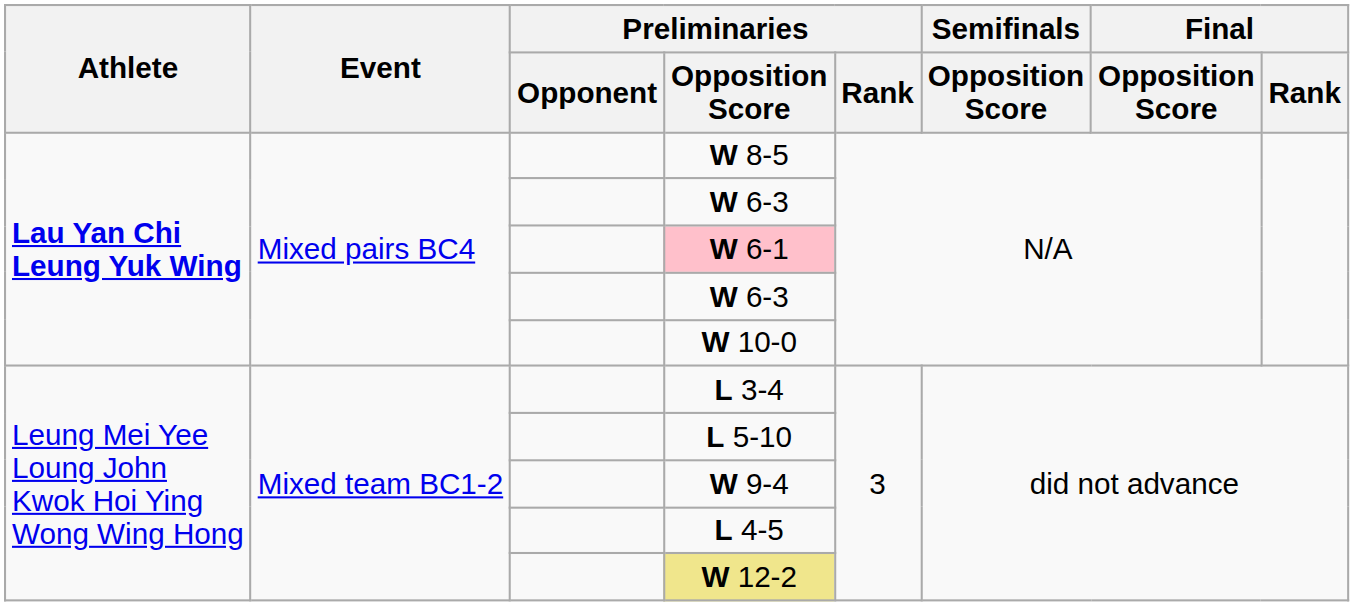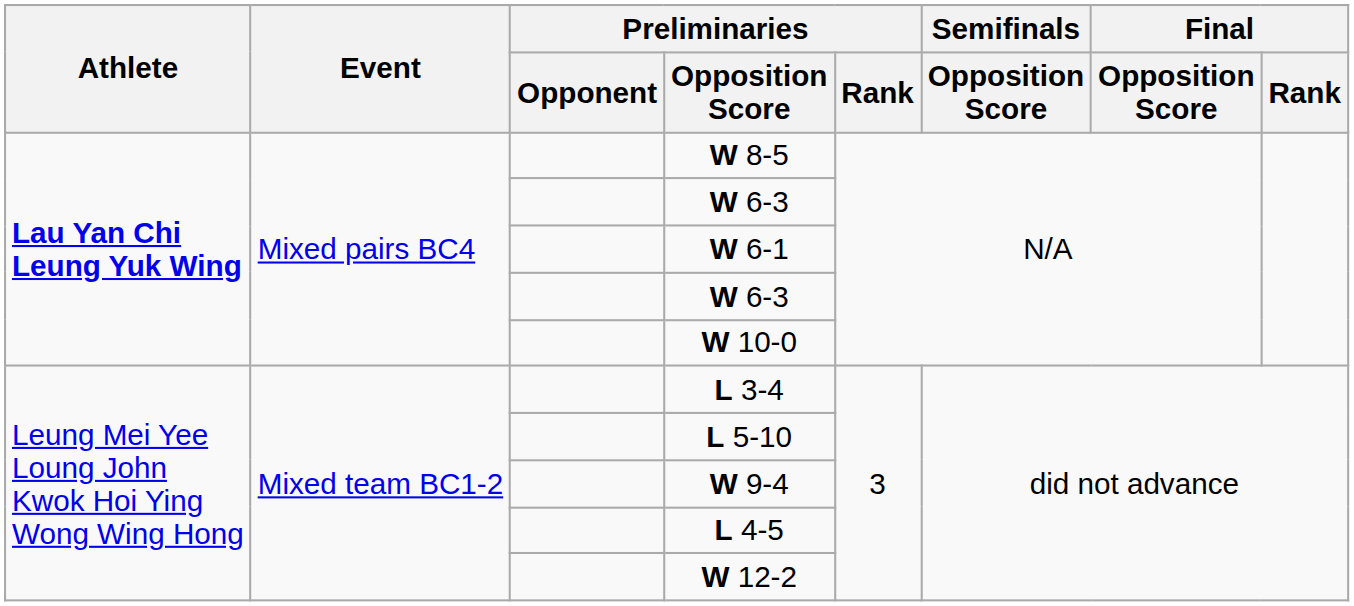 <table class=wikitable style="font-size:90%">
 <tr>
 <th rowspan="2">Athlete</th>
 <th rowspan="2">Event</th>
 <th colspan="3">Preliminaries</th>
 <th>Semifinals</th>
 <th colspan="2">Final</th>
 </tr>
 <tr>
 <th>Opponent</th>
 <th>Opposition<br>Score</th>
 <th>Rank</th>
 <th>Opposition<br>Score</th>
 <th>Opposition<br>Score</th>
 <th>Rank</th>
 </tr>
 <tr>
 <td rowspan="5"><strong><a href='#'>Lau Yan Chi</a></strong><br> <strong><a href='#'>Leung Yuk Wing</a></strong></td>
 <td rowspan="5"><a href='#'>Mixed pairs BC4</a></td>
 <td align="left"><br> </td>
 <td align="center"><strong>W</strong> 8-5</td>
 <td align="center" rowspan="5" colspan="3">N/A</td>
 <td align="center" rowspan="5"></td>
 </tr>
 <tr>
 <td align="left"><br> </td>
 <td align="center"><strong>W</strong> 6-3</td>
 </tr>
 <tr>
 <td align="left"><br> </td>
-<td align="center" style="background: pink;"><strong>W</strong> 6-1</td>
+<td align="center"><strong>W</strong> 6-1</td>
 </tr>
 <tr>
 <td align="left"><br> </td>
 <td align="center"><strong>W</strong> 6-3</td>
 </tr>
 <tr>
 <td align="left"><br> </td>
 <td align="center"><strong>W</strong> 10-0</td>
 </tr>
 <tr>
 <td rowspan="5"><a href='#'>Leung Mei Yee</a><br> <a href='#'>Loung John</a><br> <a href='#'>Kwok Hoi Ying</a><br> <a href='#'>Wong Wing Hong</a></td>
 <td rowspan="5"><a href='#'>Mixed team BC1-2</a></td>
 <td align="left"></td>
 <td align="center"><strong>L</strong> 3-4</td>
 <td align="center" rowspan="5">3</td>
 <td align="center" rowspan="5" colspan="3">did not advance</td>
 </tr>
 <tr>
 <td align="left"></td>
 <td align="center"><strong>L</strong> 5-10</td>
 </tr>
 <tr>
 <td align="left"></td>
 <td align="center"><strong>W</strong> 9-4</td>
 </tr>
 <tr>
 <td align="left"></td>
 <td align="center"><strong>L</strong> 4-5</td>
 </tr>
 <tr>
 <td align="left"></td>
-<td align="center" style="background: khaki;"><strong>W</strong> 12-2</td>
+<td align="center"><strong>W</strong> 12-2</td>
 </tr>
 </table>
